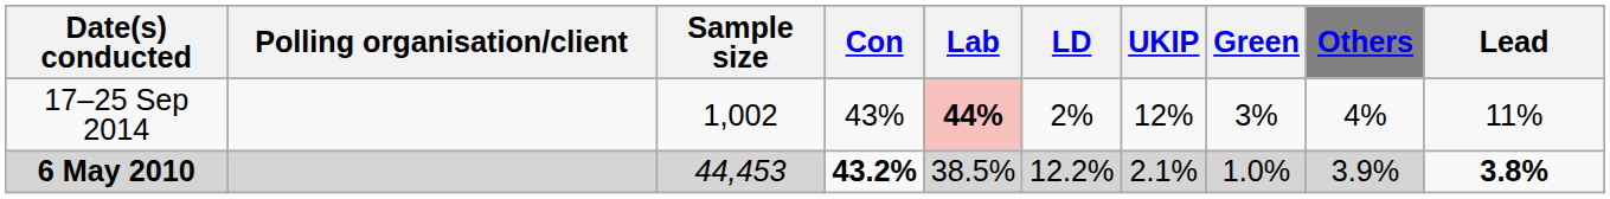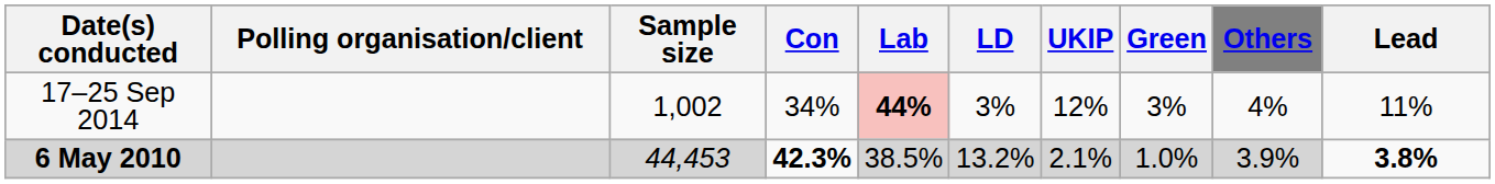 <table class="wikitable sortable" style="text-align:center;font-size:90%;line-height:14px">
 <tr>
 <th ! style="width:100px;">Date(s)<br>conducted</th>
 <th style="width:200px;">Polling organisation/client</th>
 <th class="unsortable" style="width:75px;">Sample size</th>
 <th class="unsortable" style="background:"><a href='#'><span>Con</span></a></th>
 <th class="unsortable" style="background:"><a href='#'><span>Lab</span></a></th>
 <th class="unsortable" style="background:"><a href='#'><span>LD</span></a></th>
 <th class="unsortable" style="background:"><a href='#'><span>UKIP</span></a></th>
 <th class="unsortable" style="background:"><a href='#'><span>Green</span></a></th>
 <th class="unsortable" style="background:gray; width:50px;"><a href='#'><span>Others</span></a></th>
 <th class="unsortable" style="width:80px;">Lead</th>
 </tr>
 <tr>
 <td>17–25 Sep 2014</td>
 <td> </td>
 <td>1,002</td>
-<td>43%</td>
+<td>34%</td>
 <td style="background:#F8C1BE"><strong>44%</strong></td>
-<td>2%</td>
+<td>3%</td>
 <td>12%</td>
 <td>3%</td>
 <td>4%</td>
 <td style="background:">11%</td>
 </tr>
 <tr>
 <td style="background:#D5D5D5"><strong>6 May 2010</strong></td>
 <td style="background:#D5D5D5"></td>
 <td style="background:#D5D5D5"><em>44,453</em></td>
-<td style="background:"><strong>43.2%</strong></td>
+<td style="background:"><strong>42.3%</strong></td>
 <td style="background:#D5D5D5">38.5%</td>
-<td style="background:#D5D5D5">12.2%</td>
+<td style="background:#D5D5D5">13.2%</td>
 <td style="background:#D5D5D5">2.1%</td>
 <td style="background:#D5D5D5">1.0%</td>
 <td style="background:#D5D5D5">3.9%</td>
 <td style="background:"><strong>3.8% </strong></td>
 </tr>
 </table>
